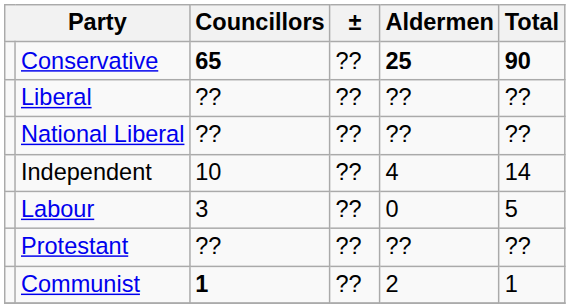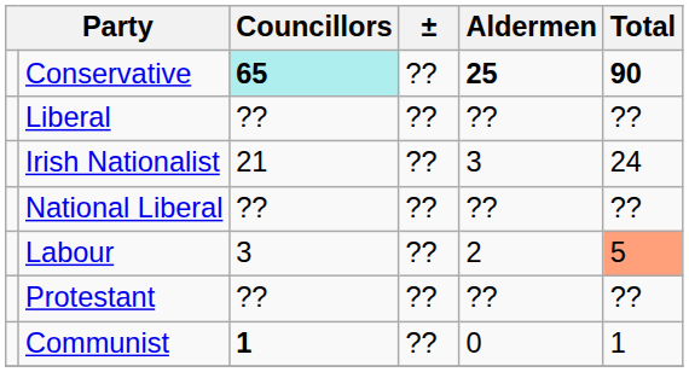 <table class="wikitable">
 <tr>
 <th colspan="2">Party</th>
 <th>Councillors</th>
 <th>  ±  </th>
 <th>Aldermen</th>
 <th>Total</th>
 </tr>
 <tr>
 <td style="background-color: "></td>
 <td><a href='#'>Conservative</a></td>
-<td><strong>65</strong></td>
+<td style="background: paleturquoise;"><strong>65</strong></td>
 <td>??</td>
 <td><strong>25</strong></td>
 <td><strong>90</strong></td>
 </tr>
 <tr>
 <td style="background-color: "></td>
 <td><a href='#'>Liberal</a></td>
 <td>??</td>
 <td>??</td>
 <td>??</td>
 <td>??</td>
 </tr>
 <tr>
 <td style="background-color: "></td>
+<td><a href='#'>Irish Nationalist</a></td>
+<td>21</td>
+<td>??</td>
+<td>3</td>
+<td>24</td>
+</tr>
+<tr>
+<td style="background-color: "></td>
 <td><a href='#'>National Liberal</a></td>
 <td>??</td>
 <td>??</td>
 <td>??</td>
 <td>??</td>
 </tr>
 <tr>
 <td style="background-color: "></td>
-<td>Independent</td>
-<td>10</td>
-<td>??</td>
-<td>4</td>
-<td>14</td>
-</tr>
-<tr>
-<td style="background-color: "></td>
 <td><a href='#'>Labour</a></td>
 <td>3</td>
 <td>??</td>
-<td>0</td>
-<td>5</td>
+<td>2</td>
+<td style="background: lightsalmon;">5</td>
 </tr>
 <tr>
 <td style="background-color: "></td>
 <td><a href='#'>Protestant</a></td>
 <td>??</td>
 <td>??</td>
 <td>??</td>
 <td>??</td>
 </tr>
 <tr>
 <td style="background-color: "></td>
 <td><a href='#'>Communist</a></td>
 <td><strong>1</strong></td>
 <td>??</td>
-<td>2</td>
+<td>0</td>
 <td>1</td>
 </tr>
 <tr>
 </tr>
 </table>
